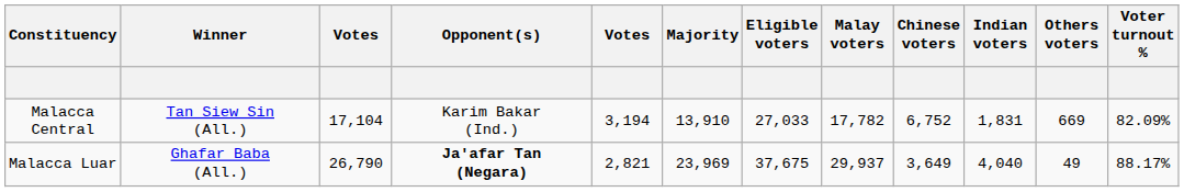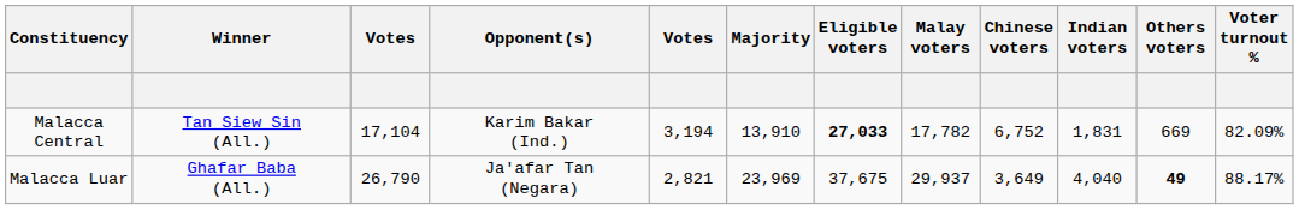 <table class="wikitable sortable" style="text-align:center; font-size:90%">
 <tr>
 <th width="60">Constituency</th>
 <th width="150">Winner</th>
 <th width="50">Votes</th>
 <th width="150">Opponent(s)</th>
 <th width="50">Votes</th>
 <th width="50">Majority</th>
 <th width="50">Eligible voters</th>
 <th width="50">Malay voters</th>
 <th width="50">Chinese voters</th>
 <th width="50">Indian voters</th>
 <th width="50">Others voters</th>
 <th width="50">Voter turnout %</th>
 </tr>
 <tr>
 <th height="20"></th>
 <th></th>
 <th></th>
 <th></th>
 <th></th>
 <th></th>
 <th></th>
 <th></th>
 <th></th>
 <th></th>
 <th></th>
 <th></th>
 </tr>
 <tr>
 <td>Malacca Central</td>
 <td><a href='#'>Tan Siew Sin</a><br>(All.)</td>
 <td>17,104</td>
 <td>Karim Bakar<br>(Ind.)</td>
 <td>3,194</td>
 <td>13,910</td>
-<td>27,033</td>
+<td><strong>27,033</strong></td>
 <td>17,782</td>
 <td>6,752</td>
 <td>1,831</td>
 <td>669</td>
 <td>82.09%</td>
 </tr>
 <tr>
 <td>Malacca Luar</td>
 <td><a href='#'>Ghafar Baba</a><br>(All.)</td>
 <td>26,790</td>
-<td><strong>Ja'afar Tan<br>(Negara)</strong></td>
+<td>Ja'afar Tan<br>(Negara)</td>
 <td>2,821</td>
 <td>23,969</td>
 <td>37,675</td>
 <td>29,937</td>
 <td>3,649</td>
 <td>4,040</td>
-<td>49</td>
+<td><strong>49</strong></td>
 <td>88.17%</td>
 </tr>
 </table>
